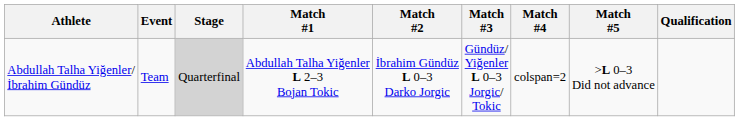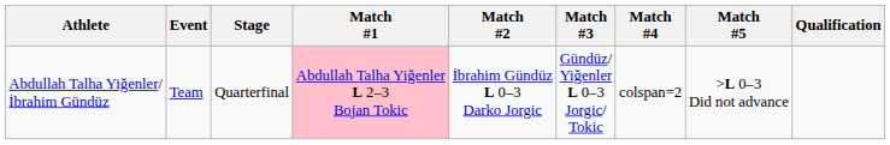 <table class=wikitable>
 <tr>
 <th>Athlete</th>
 <th>Event</th>
 <th>Stage</th>
 <th>Match<br>#1</th>
 <th>Match<br>#2</th>
 <th>Match<br>#3</th>
 <th>Match<br>#4</th>
 <th>Match<br>#5</th>
 <th>Qualification</th>
 </tr>
 <tr align=center>
 <td align=left><a href='#'>Abdullah Talha Yiğenler</a>/<br><a href='#'>İbrahim Gündüz</a></td>
 <td align=left><a href='#'>Team</a></td>
-<td style="background: lightgrey;">Quarterfinal</td>
-<td><a href='#'>Abdullah Talha Yiğenler</a><br><strong>L</strong> 2–3<br> <a href='#'>Bojan Tokic</a></td>
+<td>Quarterfinal</td>
+<td style="background: pink;"><a href='#'>Abdullah Talha Yiğenler</a><br><strong>L</strong> 2–3<br> <a href='#'>Bojan Tokic</a></td>
 <td><a href='#'>İbrahim Gündüz</a><br><strong>L</strong> 0–3<br> <a href='#'>Darko Jorgic</a></td>
 <td><a href='#'>Gündüz</a>/<br><a href='#'>Yiğenler</a><br><strong>L</strong> 0–3<br> <a href='#'>Jorgic</a>/<br><a href='#'>Tokic</a></td>
 <td>colspan=2 </td>
 <td>><strong>L</strong> 0–3<br>Did not advance</td>
 </tr>
 </table>
